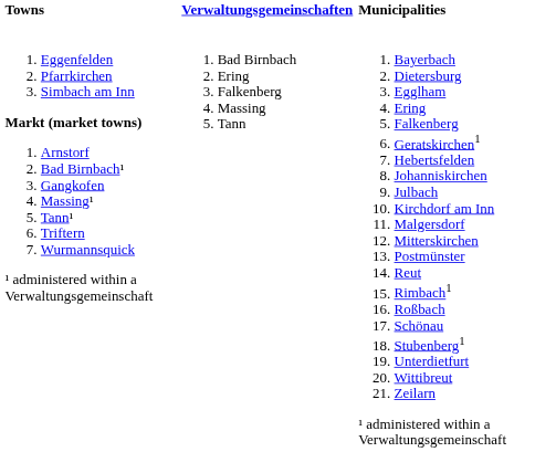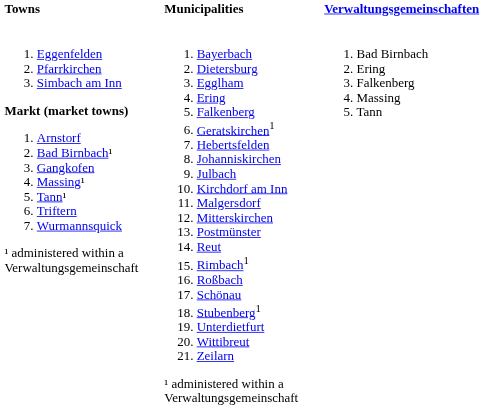 <table>
 <tr>
 <th align=left width=33%>Towns</th>
+<th align=left width=33%>Municipalities</th>
 <th align=left width=33%><a href='#'>Verwaltungsgemeinschaften</a></th>
-<th align=left width=33%>Municipalities</th>
 </tr>
 <tr valign=top>
 <td><br><ol><li><a href='#'>Eggenfelden</a></li><li><a href='#'>Pfarrkirchen</a></li><li><a href='#'>Simbach am Inn</a></li></ol><strong>Markt (market towns)</strong><ol><li><a href='#'>Arnstorf</a></li><li><a href='#'>Bad Birnbach</a>¹</li><li><a href='#'>Gangkofen</a></li><li><a href='#'>Massing</a>¹</li><li><a href='#'>Tann</a>¹</li><li><a href='#'>Triftern</a></li><li><a href='#'>Wurmannsquick</a></li></ol>¹ administered within a<br> Verwaltungsgemeinschaft</td>
+<td><br><ol><li><a href='#'>Bayerbach</a></li><li><a href='#'>Dietersburg</a></li><li><a href='#'>Egglham</a></li><li><a href='#'>Ering</a></li><li><a href='#'>Falkenberg</a></li><li><a href='#'>Geratskirchen</a><sup>1</sup></li><li><a href='#'>Hebertsfelden</a></li><li><a href='#'>Johanniskirchen</a></li><li><a href='#'>Julbach</a></li><li><a href='#'>Kirchdorf am Inn</a></li><li><a href='#'>Malgersdorf</a></li><li><a href='#'>Mitterskirchen</a></li><li><a href='#'>Postmünster</a></li><li><a href='#'>Reut</a></li><li><a href='#'>Rimbach</a><sup>1</sup></li><li><a href='#'>Roßbach</a></li><li><a href='#'>Schönau</a></li><li><a href='#'>Stubenberg</a><sup>1</sup></li><li><a href='#'>Unterdietfurt</a></li><li><a href='#'>Wittibreut</a></li><li><a href='#'>Zeilarn</a></li></ol>¹ administered within a<br> Verwaltungsgemeinschaft</td>
 <td><br><ol><li>Bad Birnbach</li><li>Ering</li><li>Falkenberg</li><li>Massing</li><li>Tann</li></ol></td>
-<td><br><ol><li><a href='#'>Bayerbach</a></li><li><a href='#'>Dietersburg</a></li><li><a href='#'>Egglham</a></li><li><a href='#'>Ering</a></li><li><a href='#'>Falkenberg</a></li><li><a href='#'>Geratskirchen</a><sup>1</sup></li><li><a href='#'>Hebertsfelden</a></li><li><a href='#'>Johanniskirchen</a></li><li><a href='#'>Julbach</a></li><li><a href='#'>Kirchdorf am Inn</a></li><li><a href='#'>Malgersdorf</a></li><li><a href='#'>Mitterskirchen</a></li><li><a href='#'>Postmünster</a></li><li><a href='#'>Reut</a></li><li><a href='#'>Rimbach</a><sup>1</sup></li><li><a href='#'>Roßbach</a></li><li><a href='#'>Schönau</a></li><li><a href='#'>Stubenberg</a><sup>1</sup></li><li><a href='#'>Unterdietfurt</a></li><li><a href='#'>Wittibreut</a></li><li><a href='#'>Zeilarn</a></li></ol>¹ administered within a<br> Verwaltungsgemeinschaft</td>
 </tr>
 </table>
